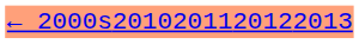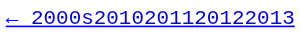 <table id=toc class=toc summary=Contents>
 <tr>
 <th></th>
 </tr>
 <tr>
-<td align=center style="background: lightsalmon;"><a href='#'>← 2000s</a><a href='#'>2010</a><a href='#'>2011</a><a href='#'>2012</a><a href='#'>2013</a></td>
+<td align=center><a href='#'>← 2000s</a><a href='#'>2010</a><a href='#'>2011</a><a href='#'>2012</a><a href='#'>2013</a></td>
 </tr>
 </table>
